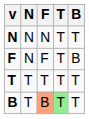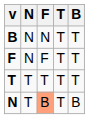 <table class="wikitable">
 <tr>
 <th>v</th>
 <th>N</th>
 <th>F</th>
 <th>T</th>
 <th>B</th>
 </tr>
 <tr>
-<td><strong>N</strong></td>
+<td><strong>B</strong></td>
 <td>N</td>
 <td>N</td>
 <td>T</td>
 <td>T</td>
 </tr>
 <tr>
 <td><strong>F</strong></td>
 <td>N</td>
 <td>F</td>
 <td>T</td>
-<td>B</td>
+<td>T</td>
 </tr>
 <tr>
 <td><strong>T</strong></td>
 <td>T</td>
 <td>T</td>
 <td>T</td>
 <td>T</td>
 </tr>
 <tr>
-<td><strong>B</strong></td>
+<td><strong>N</strong></td>
 <td>T</td>
 <td style="background: lightsalmon;">B</td>
-<td style="background: lightgreen;">T</td>
 <td>T</td>
+<td>B</td>
 </tr>
 </table>
